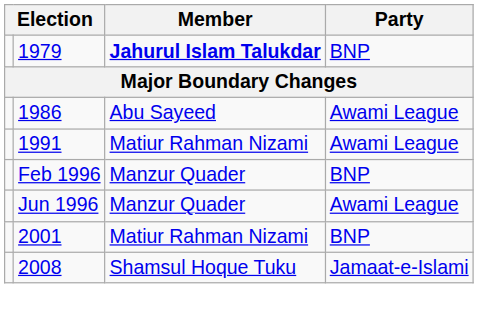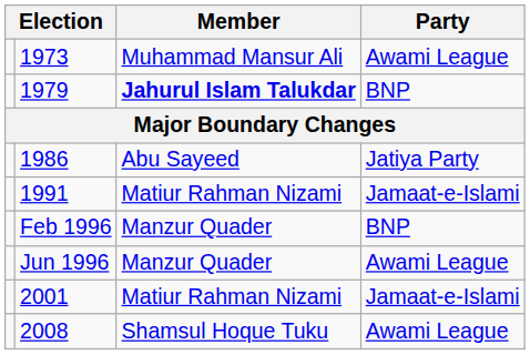 <table class="wikitable">
 <tr>
 <th colspan="2">Election</th>
 <th>Member</th>
 <th>Party</th>
+</tr>
+<tr>
+<td style="background-color:"></td>
+<td><a href='#'>1973</a></td>
+<td><a href='#'>Muhammad Mansur Ali</a></td>
+<td><a href='#'>Awami League</a></td>
 </tr>
 <tr>
 <td style="background-color:"></td>
 <td><a href='#'>1979</a></td>
 <td><strong><a href='#'>Jahurul Islam Talukdar</a></strong></td>
 <td><a href='#'>BNP</a></td>
 </tr>
 <tr>
 <th colspan="4">Major Boundary Changes</th>
 </tr>
 <tr>
 <td style="background-color:"></td>
 <td><a href='#'>1986</a></td>
 <td><a href='#'>Abu Sayeed</a></td>
-<td><a href='#'>Awami League</a></td>
+<td><a href='#'>Jatiya Party</a></td>
 </tr>
 <tr>
 <td style="background-color:"></td>
 <td><a href='#'>1991</a></td>
 <td><a href='#'>Matiur Rahman Nizami</a></td>
-<td><a href='#'>Awami League</a></td>
+<td><a href='#'>Jamaat-e-Islami</a></td>
 </tr>
 <tr>
 <td style="background-color:"></td>
 <td><a href='#'>Feb 1996</a></td>
 <td><a href='#'>Manzur Quader</a></td>
 <td><a href='#'>BNP</a></td>
 </tr>
 <tr>
 <td style="background-color:"></td>
 <td><a href='#'>Jun 1996</a></td>
 <td><a href='#'>Manzur Quader</a></td>
 <td><a href='#'>Awami League</a></td>
 </tr>
 <tr>
 <td style="background-color:"></td>
 <td><a href='#'>2001</a></td>
 <td><a href='#'>Matiur Rahman Nizami</a></td>
-<td><a href='#'>BNP</a></td>
+<td><a href='#'>Jamaat-e-Islami</a></td>
 </tr>
 <tr>
 <td style="background-color:"></td>
 <td><a href='#'>2008</a></td>
 <td><a href='#'>Shamsul Hoque Tuku</a></td>
-<td><a href='#'>Jamaat-e-Islami</a></td>
+<td><a href='#'>Awami League</a></td>
 </tr>
 </table>
